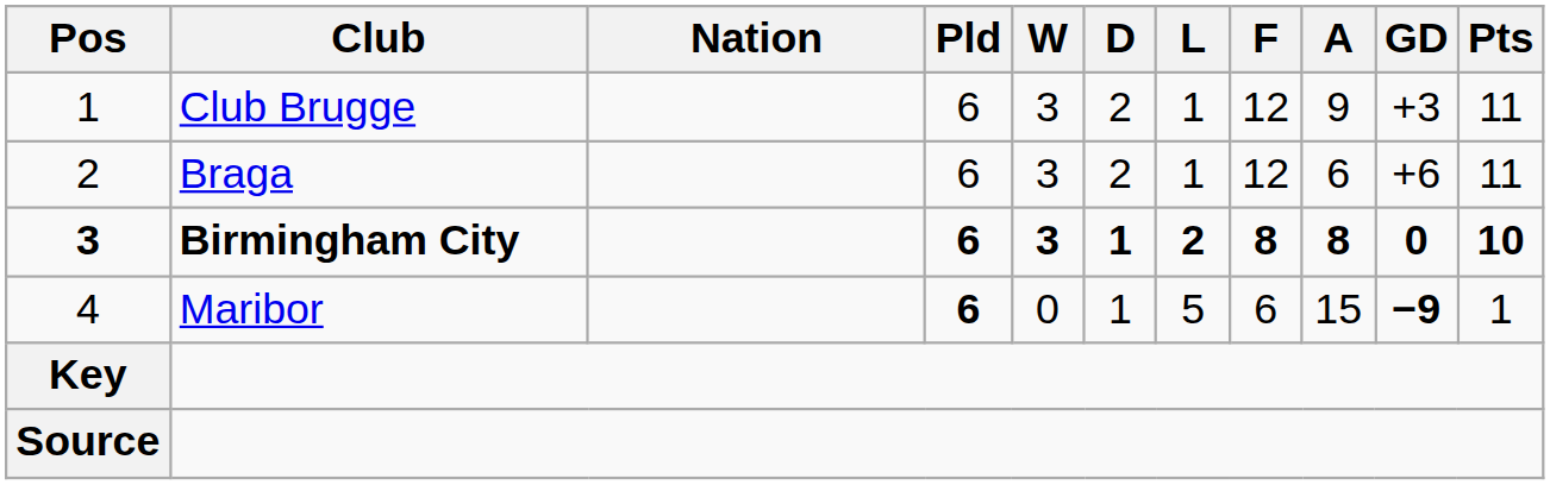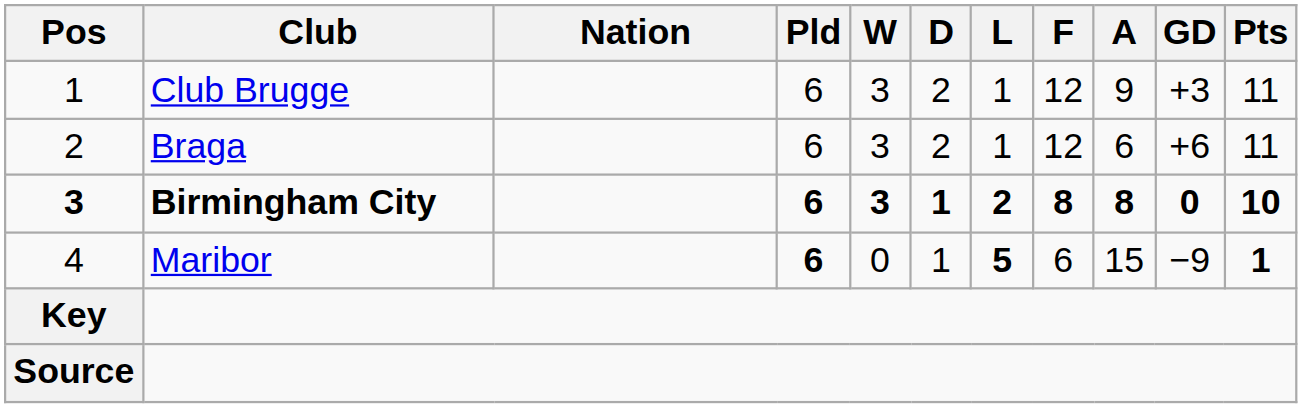 <table class="wikitable plainrowheaders" style=text-align:center>
 <tr>
 <th scope=col>Pos</th>
 <th scope=col width=150>Club</th>
 <th scope=col width=120>Nation</th>
 <th scope=col width=20>Pld</th>
 <th scope=col width=20>W</th>
 <th scope=col width=20>D</th>
 <th scope=col width=20>L</th>
 <th scope=col width=20>F</th>
 <th scope=col width=20>A</th>
 <th scope=col width=20>GD</th>
 <th scope=col width=20>Pts</th>
 </tr>
 <tr>
 <td scope=row>1</td>
 <td style=text-align:left><a href='#'>Club Brugge</a></td>
 <td style=text-align:left></td>
 <td>6</td>
 <td>3</td>
 <td>2</td>
 <td>1</td>
 <td>12</td>
 <td>9</td>
 <td>+3</td>
 <td>11</td>
 </tr>
 <tr>
 <td scope=row>2</td>
 <td style=text-align:left><a href='#'>Braga</a></td>
 <td style=text-align:left></td>
 <td>6</td>
 <td>3</td>
 <td>2</td>
 <td>1</td>
 <td>12</td>
 <td>6</td>
 <td>+6</td>
 <td>11</td>
 </tr>
 <tr style=font-weight:bold>
 <td scope=row>3</td>
 <td style=text-align:left>Birmingham City</td>
 <td style=text-align:left></td>
 <td>6</td>
 <td>3</td>
 <td>1</td>
 <td>2</td>
 <td>8</td>
 <td>8</td>
 <td>0</td>
 <td>10</td>
 </tr>
 <tr>
 <td scope=row>4</td>
 <td style=text-align:left><a href='#'>Maribor</a></td>
 <td style=text-align:left></td>
 <td><strong>6</strong></td>
 <td>0</td>
 <td>1</td>
-<td>5</td>
+<td><strong>5</strong></td>
 <td>6</td>
 <td>15</td>
-<td><strong>−9</strong></td>
-<td>1</td>
+<td>−9</td>
+<td><strong>1</strong></td>
 </tr>
 <tr>
 <th scope=row>Key</th>
 <td colspan=10></td>
 </tr>
 <tr>
 <th scope=row>Source</th>
 <td colspan=10></td>
 </tr>
 </table>
